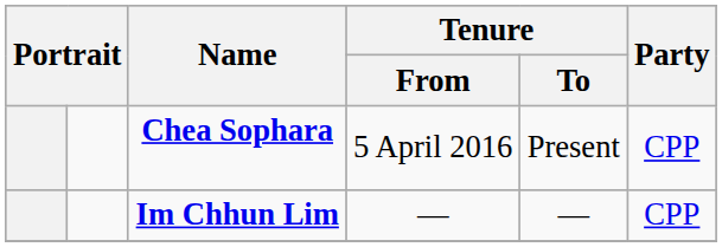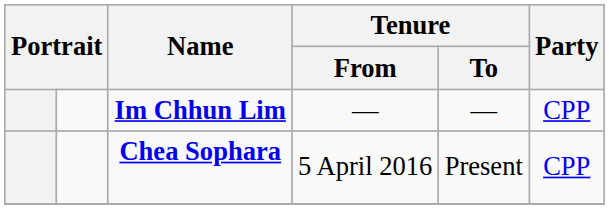 <table class="wikitable" style="text-align:center;">
 <tr>
 <th rowspan="2" class="unsortable" colspan="2">Portrait</th>
 <th rowspan="2" class="unsortable">Name</th>
 <th colspan="2" class="unsortable">Tenure</th>
 <th rowspan="2" class="unsortable">Party</th>
 </tr>
 <tr>
 <th>From</th>
 <th>To</th>
 </tr>
 <tr>
 <th style="background-color:"></th>
 <td></td>
+<td><strong><a href='#'>Im Chhun Lim</a></strong></td>
+<td>—</td>
+<td>—</td>
+<td><a href='#'>CPP</a></td>
+</tr>
+<tr>
+<th style="background-color:"></th>
+<td></td>
 <td><strong><a href='#'>Chea Sophara</a></strong><br><br></td>
 <td>5 April 2016</td>
 <td>Present</td>
 <td><a href='#'>CPP</a></td>
 </tr>
 <tr>
-<th style="background-color:"></th>
-<td></td>
-<td><strong><a href='#'>Im Chhun Lim</a></strong></td>
-<td>—</td>
-<td>—</td>
-<td><a href='#'>CPP</a></td>
-</tr>
-<tr>
 </tr>
 </table>
